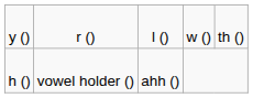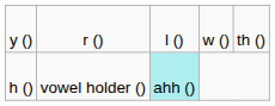 <table class="wikitable" style="text-align:center">
 <tr>
 <td><big></big><br>y ()</td>
 <td><big></big><br>r ()</td>
 <td><big></big><br>l ()</td>
 <td><big></big><br>w ()</td>
 <td><big></big><br>th ()</td>
 </tr>
 <tr>
 <td><big></big><br>h ()</td>
 <td><big></big><br>vowel holder ()</td>
-<td><big></big><br>ahh ()</td>
+<td style="background: paleturquoise;"><big></big><br>ahh ()</td>
 </tr>
 </table>
